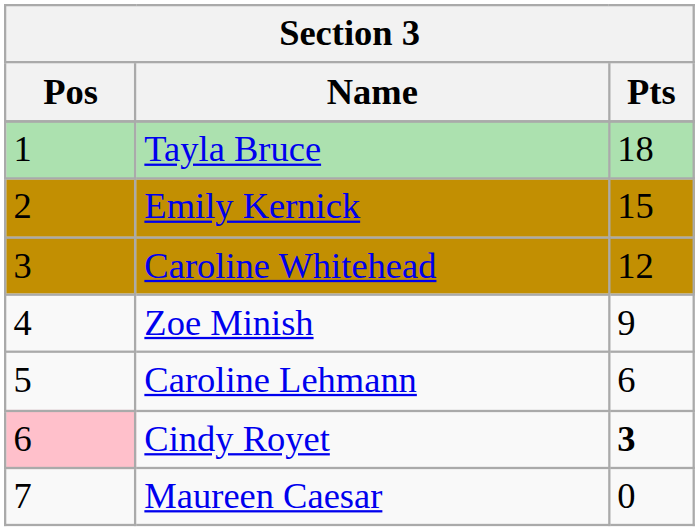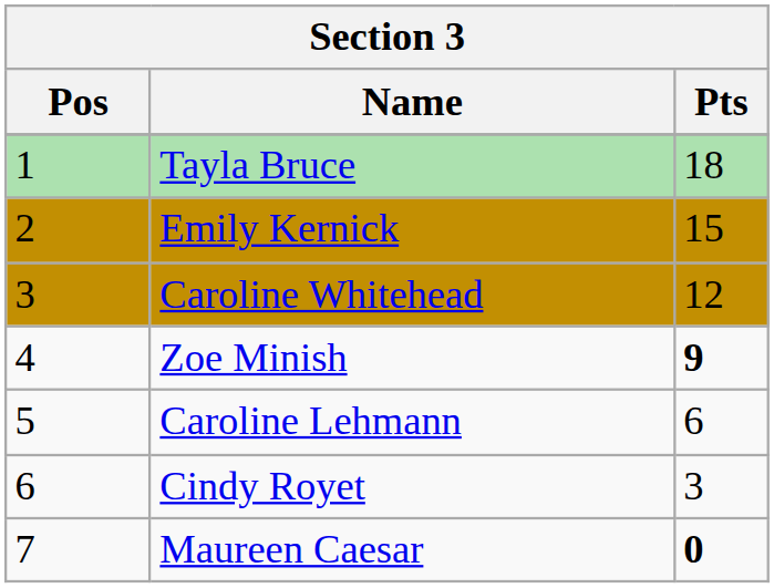 <table class="wikitable">
 <tr>
 <th colspan="6">Section 3</th>
 </tr>
 <tr>
 <th width=50>Pos</th>
 <th width=200>Name</th>
 <th width=30>Pts</th>
 </tr>
 <tr>
 </tr>
 <tr style="background:#ACE1AF;">
 <td>1</td>
 <td> <a href='#'>Tayla Bruce</a></td>
 <td>18</td>
 </tr>
 <tr style="background:#c28f02;">
 <td>2</td>
 <td> <a href='#'>Emily Kernick</a></td>
 <td>15</td>
 </tr>
 <tr style="background:#c28f02;">
 <td>3</td>
 <td> <a href='#'>Caroline Whitehead</a></td>
 <td>12</td>
 </tr>
 <tr>
 <td>4</td>
 <td> <a href='#'>Zoe Minish</a></td>
-<td>9</td>
+<td><strong>9</strong></td>
 </tr>
 <tr>
 <td>5</td>
 <td> <a href='#'>Caroline Lehmann</a></td>
 <td>6</td>
 </tr>
 <tr>
-<td style="background: pink;">6</td>
+<td>6</td>
 <td> <a href='#'>Cindy Royet</a></td>
-<td><strong>3</strong></td>
+<td>3</td>
 </tr>
 <tr>
 <td>7</td>
 <td> <a href='#'>Maureen Caesar</a></td>
-<td>0</td>
+<td><strong>0</strong></td>
 </tr>
 </table>
